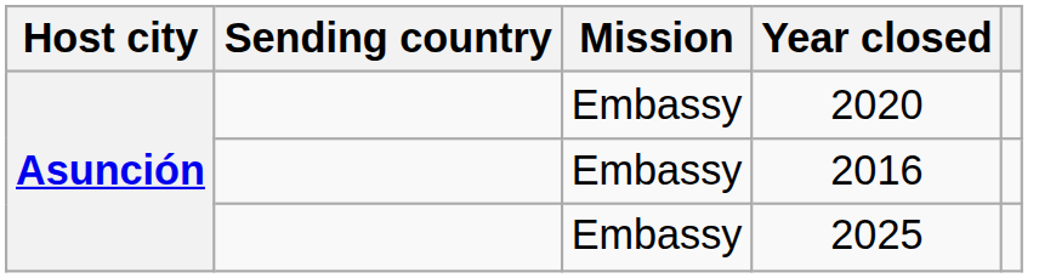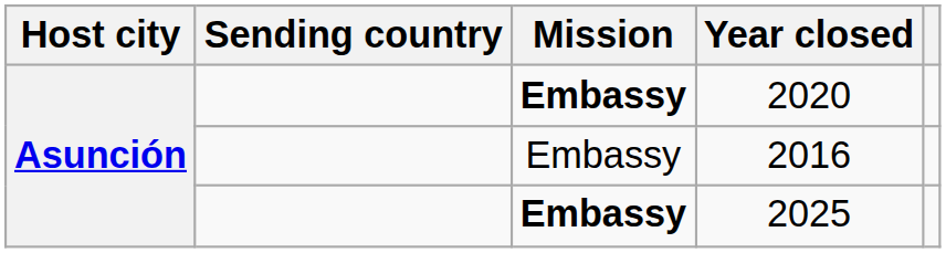 <table class="wikitable plainrowheaders">
 <tr>
 <th scope="col">Host city</th>
 <th scope="col">Sending country</th>
 <th scope="col">Mission</th>
 <th scope="col">Year closed</th>
 <th scope="col"></th>
 </tr>
 <tr>
 <th rowspan="3"><a href='#'>Asunción</a></th>
 <td></td>
-<td style="text-align:center;">Embassy</td>
+<td style="text-align:center;"><strong>Embassy</strong></td>
 <td style="text-align:center;">2020</td>
 <td style="text-align:center;"></td>
 </tr>
 <tr>
 <td></td>
 <td style="text-align:center;">Embassy</td>
 <td style="text-align:center;">2016</td>
 <td style="text-align:center;"></td>
 </tr>
 <tr>
 <td></td>
-<td style="text-align:center;">Embassy</td>
+<td style="text-align:center;"><strong>Embassy</strong></td>
 <td style="text-align:center;">2025</td>
 <td style="text-align:center;"></td>
 </tr>
 </table>
